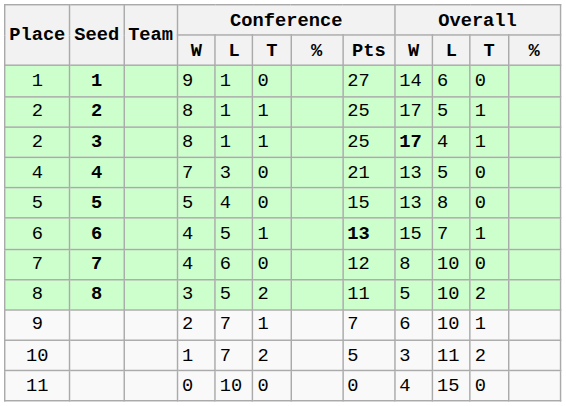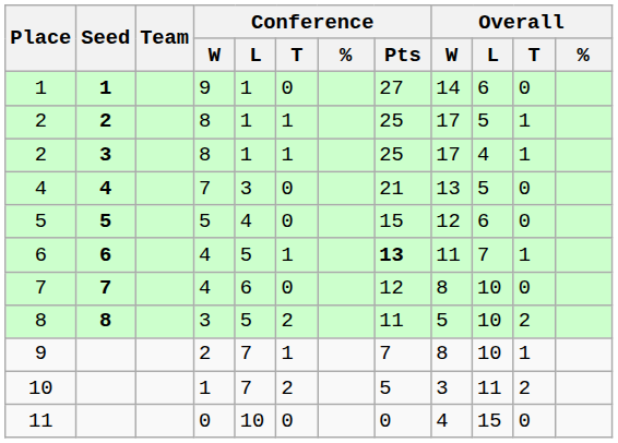 <table class="wikitable">
 <tr>
 <th rowspan ="2">Place</th>
 <th rowspan ="2">Seed</th>
 <th rowspan ="2">Team</th>
 <th colspan = "5">Conference</th>
 <th colspan = "4">Overall</th>
 </tr>
 <tr>
 <th scope="col" style="width: 20px;">W</th>
 <th scope="col" style="width: 20px;">L</th>
 <th scope="col" style="width: 20px;">T</th>
 <th scope="col" style="width: 30px;">%</th>
 <th scope="col" style="width: 30px;">Pts</th>
 <th scope="col" style="width: 20px;">W</th>
 <th scope="col" style="width: 20px;">L</th>
 <th scope="col" style="width: 20px;">T</th>
 <th scope="col" style="width: 30px;">%</th>
 </tr>
 <tr bgcolor=#ccffcc>
 <td style="text-align:center;">1</td>
 <td style="text-align:center;"><strong>1</strong></td>
 <td></td>
 <td>9</td>
 <td>1</td>
 <td>0</td>
 <td></td>
 <td>27</td>
 <td>14</td>
 <td>6</td>
 <td>0</td>
 <td></td>
 </tr>
 <tr bgcolor=#ccffcc>
 <td style="text-align:center;">2</td>
 <td style="text-align:center;"><strong>2</strong></td>
 <td></td>
 <td>8</td>
 <td>1</td>
 <td>1</td>
 <td></td>
 <td>25</td>
 <td>17</td>
 <td>5</td>
 <td>1</td>
 <td></td>
 </tr>
 <tr bgcolor=#ccffcc>
 <td style="text-align:center;">2</td>
 <td style="text-align:center;"><strong>3</strong></td>
 <td></td>
 <td>8</td>
 <td>1</td>
 <td>1</td>
 <td></td>
 <td>25</td>
-<td><strong>17</strong></td>
+<td>17</td>
 <td>4</td>
 <td>1</td>
 <td></td>
 </tr>
 <tr bgcolor=#ccffcc>
 <td style="text-align:center;">4</td>
 <td style="text-align:center;"><strong>4</strong></td>
 <td></td>
 <td>7</td>
 <td>3</td>
 <td>0</td>
 <td></td>
 <td>21</td>
 <td>13</td>
 <td>5</td>
 <td>0</td>
 <td></td>
 </tr>
 <tr bgcolor=#ccffcc>
 <td style="text-align:center;">5</td>
 <td style="text-align:center;"><strong>5</strong></td>
 <td></td>
 <td>5</td>
 <td>4</td>
 <td>0</td>
 <td></td>
 <td>15</td>
-<td>13</td>
-<td>8</td>
+<td>12</td>
+<td>6</td>
 <td>0</td>
 <td></td>
 </tr>
 <tr bgcolor=#ccffcc>
 <td style="text-align:center;">6</td>
 <td style="text-align:center;"><strong>6</strong></td>
 <td></td>
 <td>4</td>
 <td>5</td>
 <td>1</td>
 <td></td>
 <td><strong>13</strong></td>
-<td>15</td>
+<td>11</td>
 <td>7</td>
 <td>1</td>
 <td></td>
 </tr>
 <tr bgcolor=#ccffcc>
 <td style="text-align:center;">7</td>
 <td style="text-align:center;"><strong>7</strong></td>
 <td></td>
 <td>4</td>
 <td>6</td>
 <td>0</td>
 <td></td>
 <td>12</td>
 <td>8</td>
 <td>10</td>
 <td>0</td>
 <td></td>
 </tr>
 <tr bgcolor=#ccffcc>
 <td style="text-align:center;">8</td>
 <td style="text-align:center;"><strong>8</strong></td>
 <td></td>
 <td>3</td>
 <td>5</td>
 <td>2</td>
 <td></td>
 <td>11</td>
 <td>5</td>
 <td>10</td>
 <td>2</td>
 <td></td>
 </tr>
 <tr>
 <td style="text-align:center;">9</td>
 <td style="text-align:center;"></td>
 <td></td>
 <td>2</td>
 <td>7</td>
 <td>1</td>
 <td></td>
 <td>7</td>
-<td>6</td>
+<td>8</td>
 <td>10</td>
 <td>1</td>
 <td></td>
 </tr>
 <tr>
 <td style="text-align:center;">10</td>
 <td style="text-align:center;"></td>
 <td></td>
 <td>1</td>
 <td>7</td>
 <td>2</td>
 <td></td>
 <td>5</td>
 <td>3</td>
 <td>11</td>
 <td>2</td>
 <td></td>
 </tr>
 <tr>
 <td style="text-align:center;">11</td>
 <td style="text-align:center;"></td>
 <td></td>
 <td>0</td>
 <td>10</td>
 <td>0</td>
 <td></td>
 <td>0</td>
 <td>4</td>
 <td>15</td>
 <td>0</td>
 <td></td>
 </tr>
 </table>
